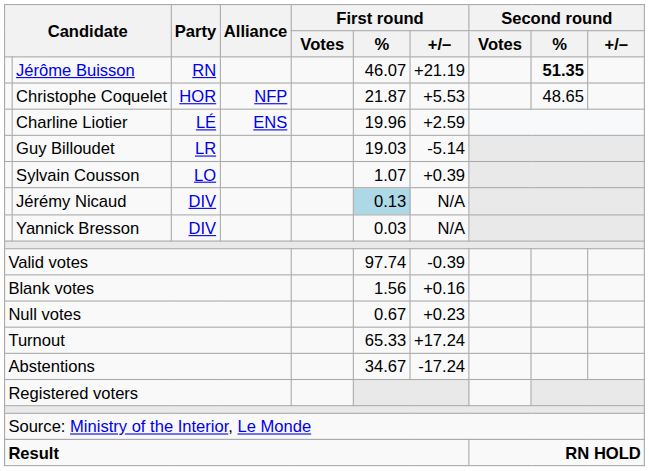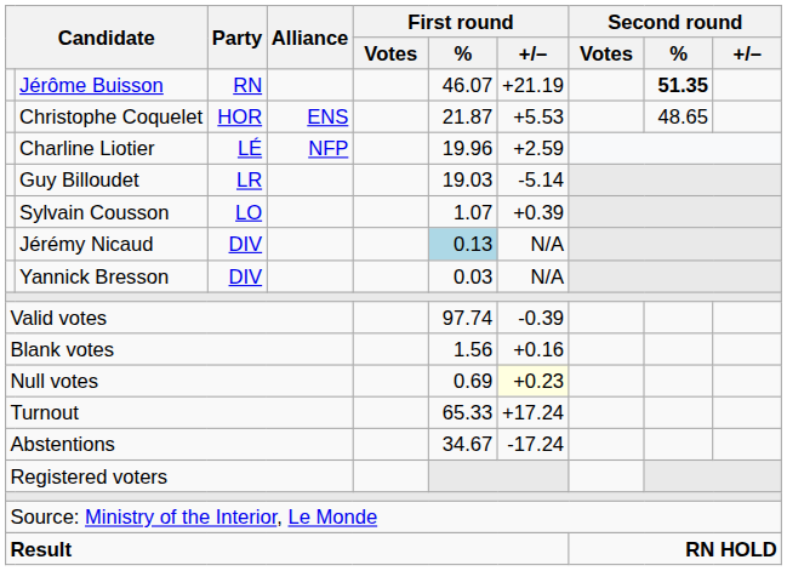 <table class="wikitable" style="text-align:right;font-size:95%;">
 <tr>
 <th rowspan="2" colspan="2">Candidate</th>
 <th rowspan="2">Party</th>
 <th rowspan="2">Alliance</th>
 <th colspan="3">First round</th>
 <th colspan="3">Second round</th>
 </tr>
 <tr>
 <th style="width:50px;">Votes</th>
 <th style="width:45px;">%</th>
 <th style="width:45px;">+/–</th>
 <th style="width:50px;">Votes</th>
 <th style="width:45px;">%</th>
 <th style="width:45px;">+/–</th>
 </tr>
 <tr>
 <td style="color:inherit;background:"></td>
 <td style="text-align:left;"><a href='#'>Jérôme Buisson</a></td>
 <td><a href='#'>RN</a></td>
 <td></td>
 <td></td>
 <td>46.07</td>
 <td>+21.19</td>
 <td><strong></strong></td>
 <td><strong>51.35</strong></td>
 <td></td>
 </tr>
 <tr>
 <td style="color:inherit;background:"></td>
 <td style="text-align:left;">Christophe Coquelet</td>
 <td><a href='#'>HOR</a></td>
-<td><a href='#'>NFP</a></td>
+<td><a href='#'>ENS</a></td>
 <td></td>
 <td>21.87</td>
 <td>+5.53</td>
 <td></td>
 <td>48.65</td>
 <td></td>
 </tr>
 <tr>
 <td style="color:inherit;background:"></td>
 <td style="text-align:left;">Charline Liotier</td>
 <td><a href='#'>LÉ</a></td>
-<td><a href='#'>ENS</a></td>
+<td><a href='#'>NFP</a></td>
 <td></td>
 <td>19.96</td>
 <td>+2.59</td>
 <td colspan="3" style="background:#F8F9FA;"></td>
 </tr>
 <tr>
 <td style="color:inherit;background:"></td>
 <td style="text-align:left;">Guy Billoudet</td>
 <td><a href='#'>LR</a></td>
 <td></td>
 <td></td>
 <td>19.03</td>
 <td>-5.14</td>
 <td colspan="3" style="background:#E9E9E9;"></td>
 </tr>
 <tr>
 <td style="color:inherit;background:"></td>
 <td style="text-align:left;">Sylvain Cousson</td>
 <td><a href='#'>LO</a></td>
 <td></td>
 <td></td>
 <td>1.07</td>
 <td>+0.39</td>
 <td colspan="3" style="background:#E9E9E9;"></td>
 </tr>
 <tr>
 <td style="color:inherit;background:"></td>
 <td style="text-align:left;">Jérémy Nicaud</td>
 <td><a href='#'>DIV</a></td>
 <td></td>
 <td></td>
 <td style="background: lightblue;">0.13</td>
 <td>N/A</td>
 <td colspan="3" style="background:#E9E9E9;"></td>
 </tr>
 <tr>
 <td style="color:inherit;background:"></td>
 <td style="text-align:left;">Yannick Bresson</td>
 <td><a href='#'>DIV</a></td>
 <td></td>
 <td></td>
 <td>0.03</td>
 <td>N/A</td>
 <td colspan="3" style="background:#E9E9E9;"></td>
 </tr>
 <tr>
 <td colspan="10" style="background:#E9E9E9;"></td>
 </tr>
 <tr>
 <td colspan="4" style="text-align:left;">Valid votes</td>
 <td></td>
 <td>97.74</td>
 <td>-0.39</td>
 <td></td>
 <td></td>
 <td></td>
 </tr>
 <tr>
 <td colspan="4" style="text-align:left;">Blank votes</td>
 <td></td>
 <td>1.56</td>
 <td>+0.16</td>
 <td></td>
 <td></td>
 <td></td>
 </tr>
 <tr>
 <td colspan="4" style="text-align:left;">Null votes</td>
 <td></td>
-<td>0.67</td>
-<td>+0.23</td>
+<td>0.69</td>
+<td style="background: lightyellow;">+0.23</td>
 <td></td>
 <td></td>
 <td></td>
 </tr>
 <tr>
 <td colspan="4" style="text-align:left;">Turnout</td>
 <td></td>
 <td>65.33</td>
 <td>+17.24</td>
 <td></td>
 <td></td>
 <td></td>
 </tr>
 <tr>
 <td colspan="4" style="text-align:left;">Abstentions</td>
 <td></td>
 <td>34.67</td>
 <td>-17.24</td>
 <td></td>
 <td></td>
 <td></td>
 </tr>
 <tr>
 <td colspan="4" style="text-align:left;">Registered voters</td>
 <td></td>
 <td colspan="2" style="background:#E9E9E9;"></td>
 <td></td>
 <td colspan="2" style="background:#E9E9E9;"></td>
 </tr>
 <tr>
 <td colspan="10" style="background:#E9E9E9;"></td>
 </tr>
 <tr>
 <td colspan="10" style="text-align:left;">Source: <a href='#'>Ministry of the Interior</a>, <a href='#'>Le Monde</a></td>
 </tr>
 <tr>
 </tr>
 <tr style="font-weight:bold">
 <td colspan="7" style="text-align:left;">Result</td>
 <td colspan="7" style="background-color:">RN HOLD</td>
 </tr>
 </table>
